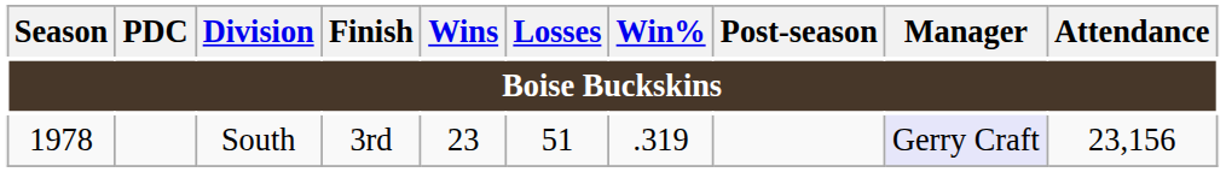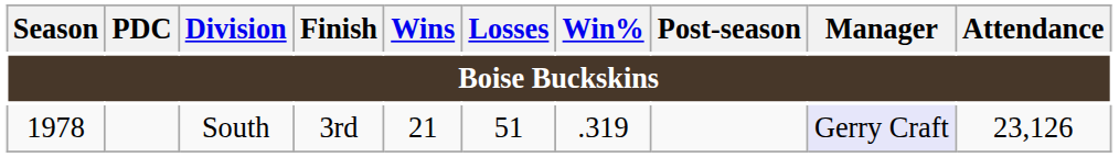 <table class="wikitable" style="text-align:center; font-size:95%">
 <tr>
 <th scope="col">Season</th>
 <th scope="col">PDC</th>
 <th scope="col"><a href='#'>Division</a></th>
 <th scope="col">Finish</th>
 <th scope="col"><a href='#'>Wins</a></th>
 <th scope="col"><a href='#'>Losses</a></th>
 <th scope="col"><a href='#'>Win%</a></th>
 <th scope="col">Post-season</th>
 <th scope="col">Manager</th>
 <th scope="col">Attendance</th>
 </tr>
 <tr>
 <td align="center" colspan="11" style="background: #473729; color: white; border:2px solid #FFFFFF"><strong>Boise Buckskins</strong></td>
 </tr>
 <tr>
 <td>1978</td>
 <td></td>
 <td>South</td>
 <td>3rd</td>
-<td>23</td>
+<td>21</td>
 <td>51</td>
 <td>.319</td>
 <td></td>
 <td style="background: lavender;">Gerry Craft</td>
-<td>23,156</td>
+<td>23,126</td>
 </tr>
 </table>
